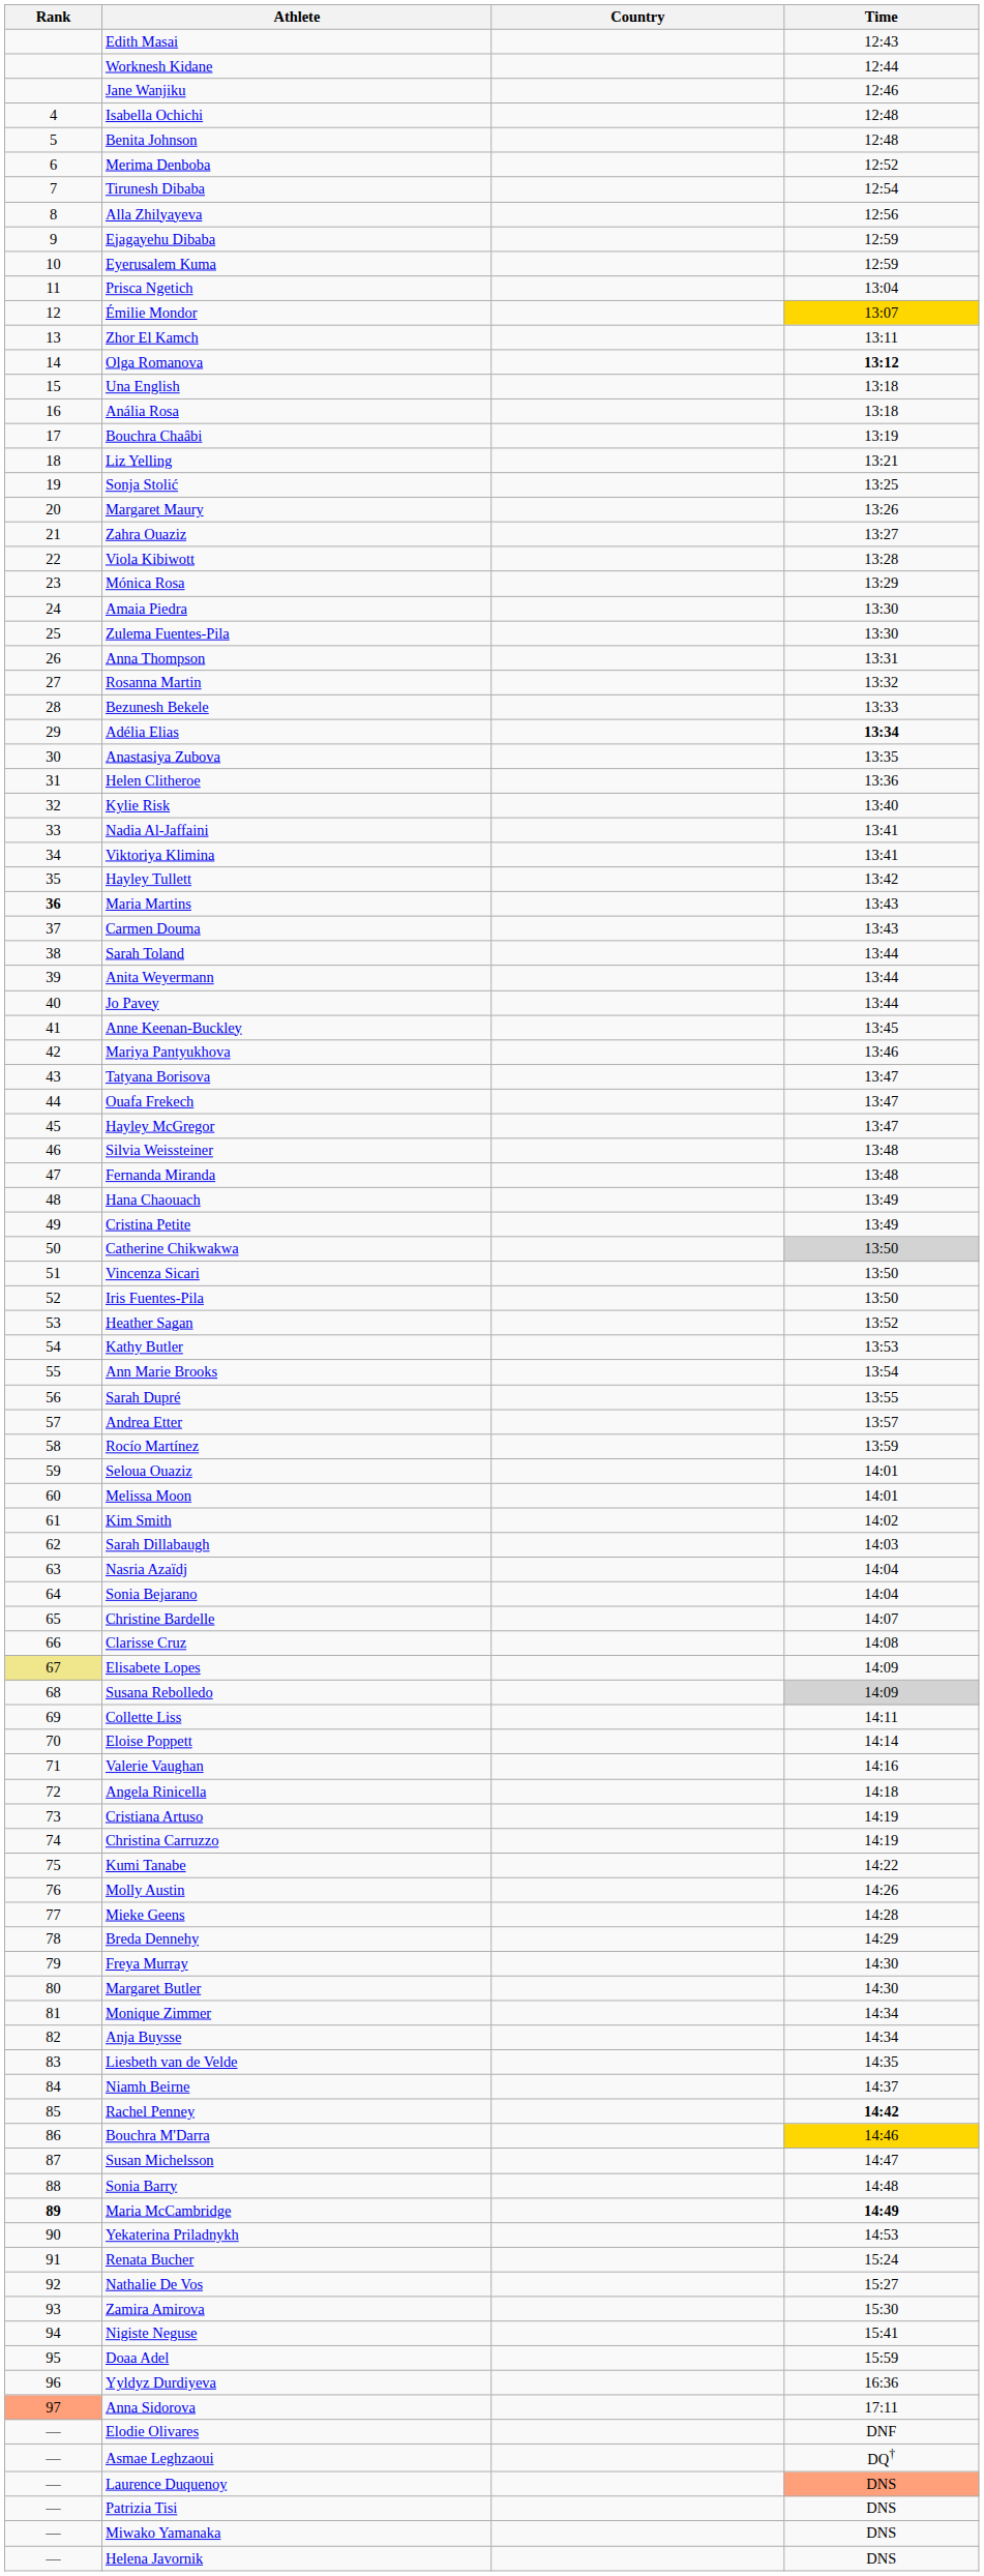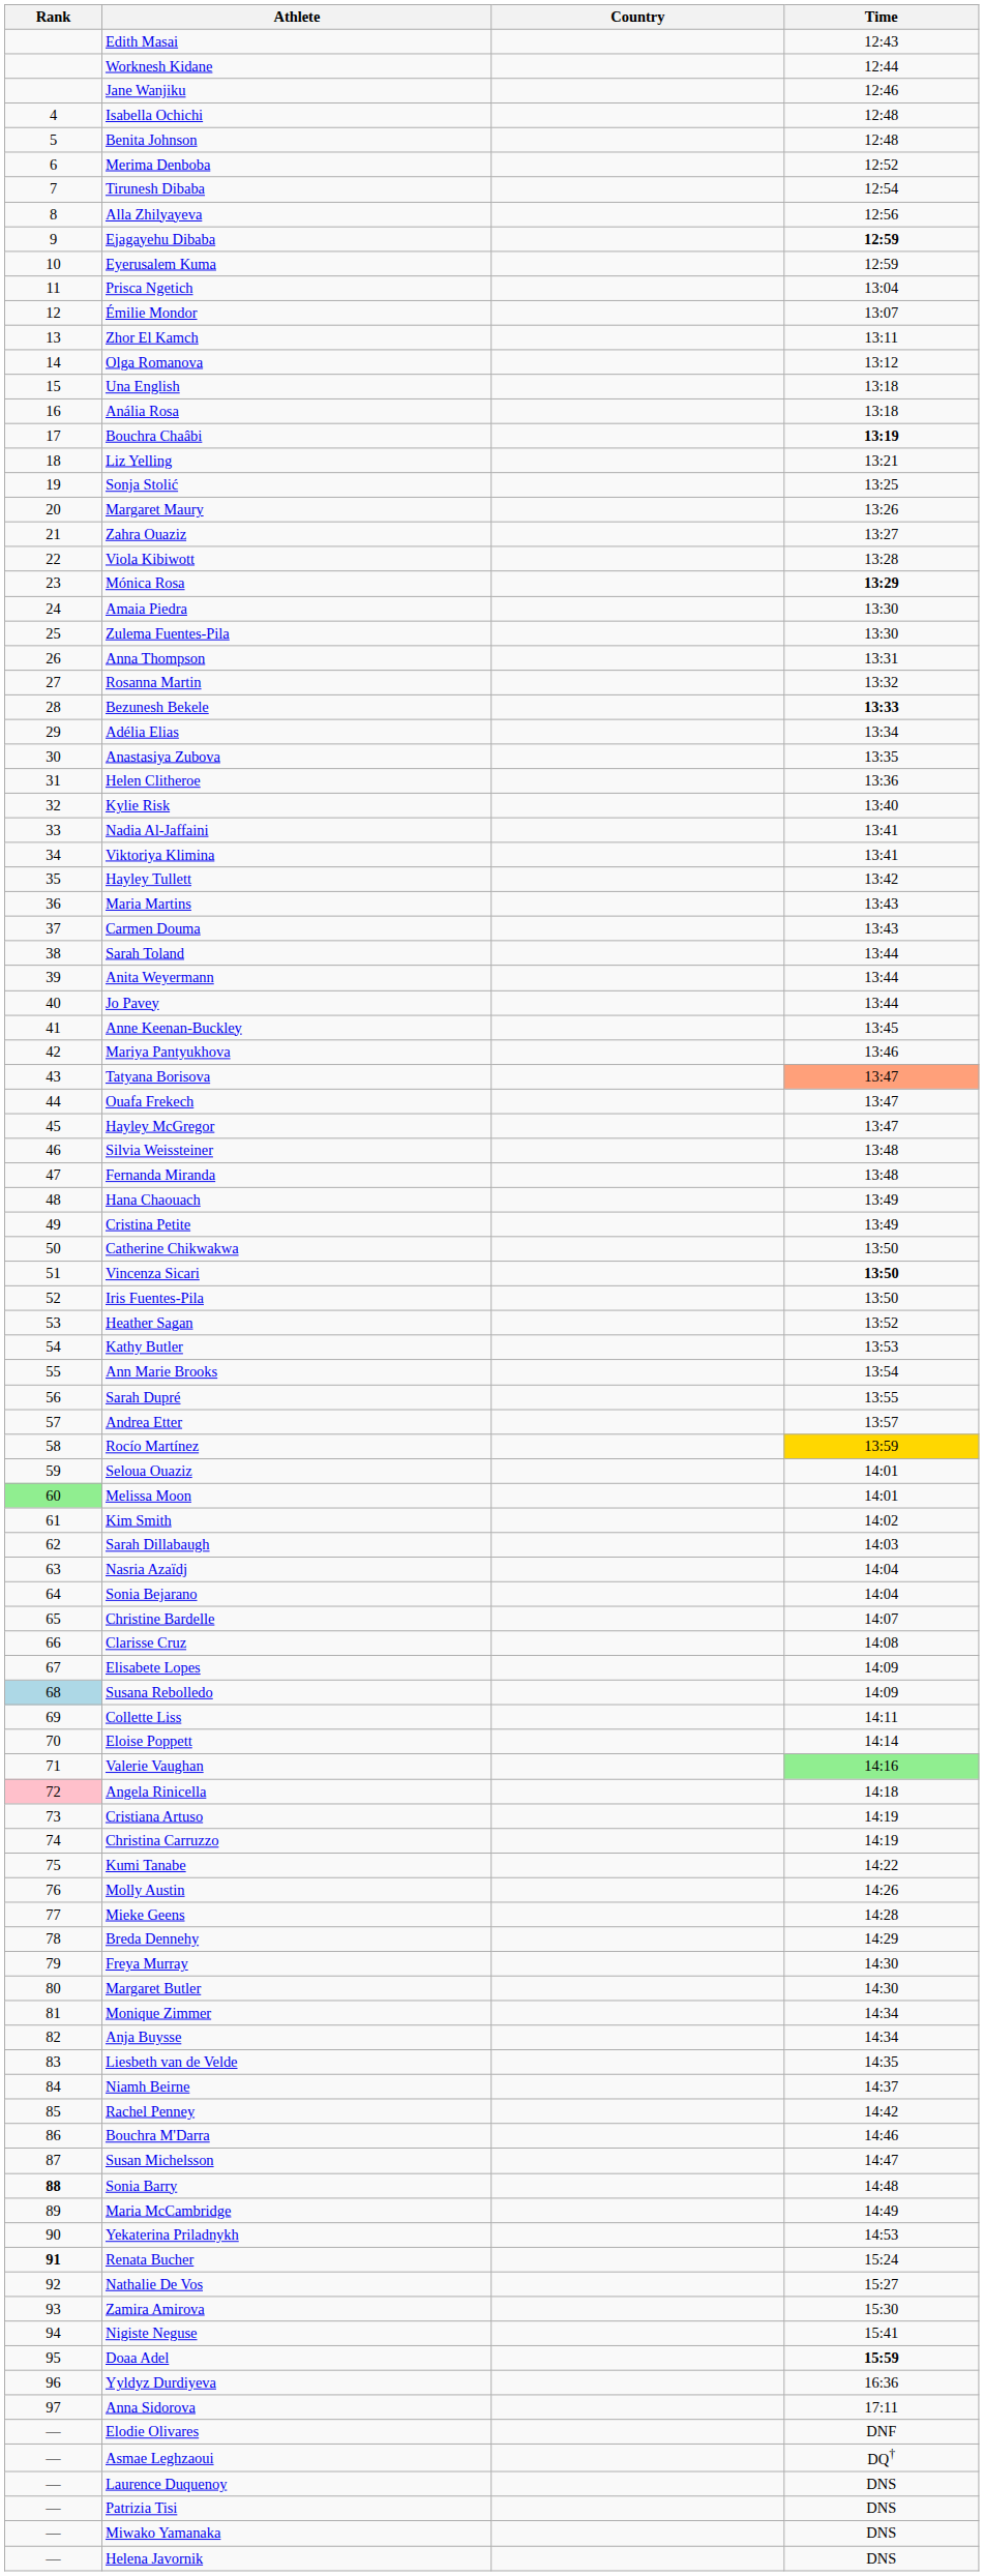 <table class="wikitable sortable" style=" text-align:center; font-size:95%;" width="50%">
 <tr>
 <th width=5%>Rank</th>
 <th width=20%>Athlete</th>
 <th width=15%>Country</th>
 <th width=10%>Time</th>
 </tr>
 <tr>
 <td align=center></td>
 <td align=left><a href='#'>Edith Masai</a></td>
 <td align=left></td>
 <td>12:43</td>
 </tr>
 <tr>
 <td align=center></td>
 <td align=left><a href='#'>Worknesh Kidane</a></td>
 <td align=left></td>
 <td>12:44</td>
 </tr>
 <tr>
 <td align=center></td>
 <td align=left><a href='#'>Jane Wanjiku</a></td>
 <td align=left></td>
 <td>12:46</td>
 </tr>
 <tr>
 <td align=center>4</td>
 <td align=left><a href='#'>Isabella Ochichi</a></td>
 <td align=left></td>
 <td>12:48</td>
 </tr>
 <tr>
 <td align=center>5</td>
 <td align=left><a href='#'>Benita Johnson</a></td>
 <td align=left></td>
 <td>12:48</td>
 </tr>
 <tr>
 <td align=center>6</td>
 <td align=left><a href='#'>Merima Denboba</a></td>
 <td align=left></td>
 <td>12:52</td>
 </tr>
 <tr>
 <td align=center>7</td>
 <td align=left><a href='#'>Tirunesh Dibaba</a></td>
 <td align=left></td>
 <td>12:54</td>
 </tr>
 <tr>
 <td align=center>8</td>
 <td align=left><a href='#'>Alla Zhilyayeva</a></td>
 <td align=left></td>
 <td>12:56</td>
 </tr>
 <tr>
 <td align=center>9</td>
 <td align=left><a href='#'>Ejagayehu Dibaba</a></td>
 <td align=left></td>
-<td>12:59</td>
+<td><strong>12:59</strong></td>
 </tr>
 <tr>
 <td align=center>10</td>
 <td align=left><a href='#'>Eyerusalem Kuma</a></td>
 <td align=left></td>
 <td>12:59</td>
 </tr>
 <tr>
 <td align=center>11</td>
 <td align=left><a href='#'>Prisca Ngetich</a></td>
 <td align=left></td>
 <td>13:04</td>
 </tr>
 <tr>
 <td align=center>12</td>
 <td align=left><a href='#'>Émilie Mondor</a></td>
 <td align=left></td>
-<td style="background: gold;">13:07</td>
+<td>13:07</td>
 </tr>
 <tr>
 <td align=center>13</td>
 <td align=left><a href='#'>Zhor El Kamch</a></td>
 <td align=left></td>
 <td>13:11</td>
 </tr>
 <tr>
 <td align=center>14</td>
 <td align=left><a href='#'>Olga Romanova</a></td>
 <td align=left></td>
-<td><strong>13:12</strong></td>
+<td>13:12</td>
 </tr>
 <tr>
 <td align=center>15</td>
 <td align=left><a href='#'>Una English</a></td>
 <td align=left></td>
 <td>13:18</td>
 </tr>
 <tr>
 <td align=center>16</td>
 <td align=left><a href='#'>Anália Rosa</a></td>
 <td align=left></td>
 <td>13:18</td>
 </tr>
 <tr>
 <td align=center>17</td>
 <td align=left><a href='#'>Bouchra Chaâbi</a></td>
 <td align=left></td>
-<td>13:19</td>
+<td><strong>13:19</strong></td>
 </tr>
 <tr>
 <td align=center>18</td>
 <td align=left><a href='#'>Liz Yelling</a></td>
 <td align=left></td>
 <td>13:21</td>
 </tr>
 <tr>
 <td align=center>19</td>
 <td align=left><a href='#'>Sonja Stolić</a></td>
 <td align=left></td>
 <td>13:25</td>
 </tr>
 <tr>
 <td align=center>20</td>
 <td align=left><a href='#'>Margaret Maury</a></td>
 <td align=left></td>
 <td>13:26</td>
 </tr>
 <tr>
 <td align=center>21</td>
 <td align=left><a href='#'>Zahra Ouaziz</a></td>
 <td align=left></td>
 <td>13:27</td>
 </tr>
 <tr>
 <td align=center>22</td>
 <td align=left><a href='#'>Viola Kibiwott</a></td>
 <td align=left></td>
 <td>13:28</td>
 </tr>
 <tr>
 <td align=center>23</td>
 <td align=left><a href='#'>Mónica Rosa</a></td>
 <td align=left></td>
-<td>13:29</td>
+<td><strong>13:29</strong></td>
 </tr>
 <tr>
 <td align=center>24</td>
 <td align=left><a href='#'>Amaia Piedra</a></td>
 <td align=left></td>
 <td>13:30</td>
 </tr>
 <tr>
 <td align=center>25</td>
 <td align=left><a href='#'>Zulema Fuentes-Pila</a></td>
 <td align=left></td>
 <td>13:30</td>
 </tr>
 <tr>
 <td align=center>26</td>
 <td align=left><a href='#'>Anna Thompson</a></td>
 <td align=left></td>
 <td>13:31</td>
 </tr>
 <tr>
 <td align=center>27</td>
 <td align=left><a href='#'>Rosanna Martin</a></td>
 <td align=left></td>
 <td>13:32</td>
 </tr>
 <tr>
 <td align=center>28</td>
 <td align=left><a href='#'>Bezunesh Bekele</a></td>
 <td align=left></td>
-<td>13:33</td>
+<td><strong>13:33</strong></td>
 </tr>
 <tr>
 <td align=center>29</td>
 <td align=left><a href='#'>Adélia Elias</a></td>
 <td align=left></td>
-<td><strong>13:34</strong></td>
+<td>13:34</td>
 </tr>
 <tr>
 <td align=center>30</td>
 <td align=left><a href='#'>Anastasiya Zubova</a></td>
 <td align=left></td>
 <td>13:35</td>
 </tr>
 <tr>
 <td align=center>31</td>
 <td align=left><a href='#'>Helen Clitheroe</a></td>
 <td align=left></td>
 <td>13:36</td>
 </tr>
 <tr>
 <td align=center>32</td>
 <td align=left><a href='#'>Kylie Risk</a></td>
 <td align=left></td>
 <td>13:40</td>
 </tr>
 <tr>
 <td align=center>33</td>
 <td align=left><a href='#'>Nadia Al-Jaffaini</a></td>
 <td align=left></td>
 <td>13:41</td>
 </tr>
 <tr>
 <td align=center>34</td>
 <td align=left><a href='#'>Viktoriya Klimina</a></td>
 <td align=left></td>
 <td>13:41</td>
 </tr>
 <tr>
 <td align=center>35</td>
 <td align=left><a href='#'>Hayley Tullett</a></td>
 <td align=left></td>
 <td>13:42</td>
 </tr>
 <tr>
-<td align=center><strong>36</strong></td>
+<td align=center>36</td>
 <td align=left><a href='#'>Maria Martins</a></td>
 <td align=left></td>
 <td>13:43</td>
 </tr>
 <tr>
 <td align=center>37</td>
 <td align=left><a href='#'>Carmen Douma</a></td>
 <td align=left></td>
 <td>13:43</td>
 </tr>
 <tr>
 <td align=center>38</td>
 <td align=left><a href='#'>Sarah Toland</a></td>
 <td align=left></td>
 <td>13:44</td>
 </tr>
 <tr>
 <td align=center>39</td>
 <td align=left><a href='#'>Anita Weyermann</a></td>
 <td align=left></td>
 <td>13:44</td>
 </tr>
 <tr>
 <td align=center>40</td>
 <td align=left><a href='#'>Jo Pavey</a></td>
 <td align=left></td>
 <td>13:44</td>
 </tr>
 <tr>
 <td align=center>41</td>
 <td align=left><a href='#'>Anne Keenan-Buckley</a></td>
 <td align=left></td>
 <td>13:45</td>
 </tr>
 <tr>
 <td align=center>42</td>
 <td align=left><a href='#'>Mariya Pantyukhova</a></td>
 <td align=left></td>
 <td>13:46</td>
 </tr>
 <tr>
 <td align=center>43</td>
 <td align=left><a href='#'>Tatyana Borisova</a></td>
 <td align=left></td>
-<td>13:47</td>
+<td style="background: lightsalmon;">13:47</td>
 </tr>
 <tr>
 <td align=center>44</td>
 <td align=left><a href='#'>Ouafa Frekech</a></td>
 <td align=left></td>
 <td>13:47</td>
 </tr>
 <tr>
 <td align=center>45</td>
 <td align=left><a href='#'>Hayley McGregor</a></td>
 <td align=left></td>
 <td>13:47</td>
 </tr>
 <tr>
 <td align=center>46</td>
 <td align=left><a href='#'>Silvia Weissteiner</a></td>
 <td align=left></td>
 <td>13:48</td>
 </tr>
 <tr>
 <td align=center>47</td>
 <td align=left><a href='#'>Fernanda Miranda</a></td>
 <td align=left></td>
 <td>13:48</td>
 </tr>
 <tr>
 <td align=center>48</td>
 <td align=left><a href='#'>Hana Chaouach</a></td>
 <td align=left></td>
 <td>13:49</td>
 </tr>
 <tr>
 <td align=center>49</td>
 <td align=left><a href='#'>Cristina Petite</a></td>
 <td align=left></td>
 <td>13:49</td>
 </tr>
 <tr>
 <td align=center>50</td>
 <td align=left><a href='#'>Catherine Chikwakwa</a></td>
 <td align=left></td>
-<td style="background: lightgrey;">13:50</td>
+<td>13:50</td>
 </tr>
 <tr>
 <td align=center>51</td>
 <td align=left><a href='#'>Vincenza Sicari</a></td>
 <td align=left></td>
-<td>13:50</td>
+<td><strong>13:50</strong></td>
 </tr>
 <tr>
 <td align=center>52</td>
 <td align=left><a href='#'>Iris Fuentes-Pila</a></td>
 <td align=left></td>
 <td>13:50</td>
 </tr>
 <tr>
 <td align=center>53</td>
 <td align=left><a href='#'>Heather Sagan</a></td>
 <td align=left></td>
 <td>13:52</td>
 </tr>
 <tr>
 <td align=center>54</td>
 <td align=left><a href='#'>Kathy Butler</a></td>
 <td align=left></td>
 <td>13:53</td>
 </tr>
 <tr>
 <td align=center>55</td>
 <td align=left><a href='#'>Ann Marie Brooks</a></td>
 <td align=left></td>
 <td>13:54</td>
 </tr>
 <tr>
 <td align=center>56</td>
 <td align=left><a href='#'>Sarah Dupré</a></td>
 <td align=left></td>
 <td>13:55</td>
 </tr>
 <tr>
 <td align=center>57</td>
 <td align=left><a href='#'>Andrea Etter</a></td>
 <td align=left></td>
 <td>13:57</td>
 </tr>
 <tr>
 <td align=center>58</td>
 <td align=left><a href='#'>Rocío Martínez</a></td>
 <td align=left></td>
-<td>13:59</td>
+<td style="background: gold;">13:59</td>
 </tr>
 <tr>
 <td align=center>59</td>
 <td align=left><a href='#'>Seloua Ouaziz</a></td>
 <td align=left></td>
 <td>14:01</td>
 </tr>
 <tr>
-<td align=center>60</td>
+<td align=center style="background: lightgreen;">60</td>
 <td align=left><a href='#'>Melissa Moon</a></td>
 <td align=left></td>
 <td>14:01</td>
 </tr>
 <tr>
 <td align=center>61</td>
 <td align=left><a href='#'>Kim Smith</a></td>
 <td align=left></td>
 <td>14:02</td>
 </tr>
 <tr>
 <td align=center>62</td>
 <td align=left><a href='#'>Sarah Dillabaugh</a></td>
 <td align=left></td>
 <td>14:03</td>
 </tr>
 <tr>
 <td align=center>63</td>
 <td align=left><a href='#'>Nasria Azaïdj</a></td>
 <td align=left></td>
 <td>14:04</td>
 </tr>
 <tr>
 <td align=center>64</td>
 <td align=left><a href='#'>Sonia Bejarano</a></td>
 <td align=left></td>
 <td>14:04</td>
 </tr>
 <tr>
 <td align=center>65</td>
 <td align=left><a href='#'>Christine Bardelle</a></td>
 <td align=left></td>
 <td>14:07</td>
 </tr>
 <tr>
 <td align=center>66</td>
 <td align=left><a href='#'>Clarisse Cruz</a></td>
 <td align=left></td>
 <td>14:08</td>
 </tr>
 <tr>
-<td align=center style="background: khaki;">67</td>
+<td align=center>67</td>
 <td align=left><a href='#'>Elisabete Lopes</a></td>
 <td align=left></td>
 <td>14:09</td>
 </tr>
 <tr>
-<td align=center>68</td>
+<td align=center style="background: lightblue;">68</td>
 <td align=left><a href='#'>Susana Rebolledo</a></td>
 <td align=left></td>
-<td style="background: lightgrey;">14:09</td>
+<td>14:09</td>
 </tr>
 <tr>
 <td align=center>69</td>
 <td align=left><a href='#'>Collette Liss</a></td>
 <td align=left></td>
 <td>14:11</td>
 </tr>
 <tr>
 <td align=center>70</td>
 <td align=left><a href='#'>Eloise Poppett</a></td>
 <td align=left></td>
 <td>14:14</td>
 </tr>
 <tr>
 <td align=center>71</td>
 <td align=left><a href='#'>Valerie Vaughan</a></td>
 <td align=left></td>
-<td>14:16</td>
+<td style="background: lightgreen;">14:16</td>
 </tr>
 <tr>
-<td align=center>72</td>
+<td align=center style="background: pink;">72</td>
 <td align=left><a href='#'>Angela Rinicella</a></td>
 <td align=left></td>
 <td>14:18</td>
 </tr>
 <tr>
 <td align=center>73</td>
 <td align=left><a href='#'>Cristiana Artuso</a></td>
 <td align=left></td>
 <td>14:19</td>
 </tr>
 <tr>
 <td align=center>74</td>
 <td align=left><a href='#'>Christina Carruzzo</a></td>
 <td align=left></td>
 <td>14:19</td>
 </tr>
 <tr>
 <td align=center>75</td>
 <td align=left><a href='#'>Kumi Tanabe</a></td>
 <td align=left></td>
 <td>14:22</td>
 </tr>
 <tr>
 <td align=center>76</td>
 <td align=left><a href='#'>Molly Austin</a></td>
 <td align=left></td>
 <td>14:26</td>
 </tr>
 <tr>
 <td align=center>77</td>
 <td align=left><a href='#'>Mieke Geens</a></td>
 <td align=left></td>
 <td>14:28</td>
 </tr>
 <tr>
 <td align=center>78</td>
 <td align=left><a href='#'>Breda Dennehy</a></td>
 <td align=left></td>
 <td>14:29</td>
 </tr>
 <tr>
 <td align=center>79</td>
 <td align=left><a href='#'>Freya Murray</a></td>
 <td align=left></td>
 <td>14:30</td>
 </tr>
 <tr>
 <td align=center>80</td>
 <td align=left><a href='#'>Margaret Butler</a></td>
 <td align=left></td>
 <td>14:30</td>
 </tr>
 <tr>
 <td align=center>81</td>
 <td align=left><a href='#'>Monique Zimmer</a></td>
 <td align=left></td>
 <td>14:34</td>
 </tr>
 <tr>
 <td align=center>82</td>
 <td align=left><a href='#'>Anja Buysse</a></td>
 <td align=left></td>
 <td>14:34</td>
 </tr>
 <tr>
 <td align=center>83</td>
 <td align=left><a href='#'>Liesbeth van de Velde</a></td>
 <td align=left></td>
 <td>14:35</td>
 </tr>
 <tr>
 <td align=center>84</td>
 <td align=left><a href='#'>Niamh Beirne</a></td>
 <td align=left></td>
 <td>14:37</td>
 </tr>
 <tr>
 <td align=center>85</td>
 <td align=left><a href='#'>Rachel Penney</a></td>
 <td align=left></td>
-<td><strong>14:42</strong></td>
+<td>14:42</td>
 </tr>
 <tr>
 <td align=center>86</td>
 <td align=left><a href='#'>Bouchra M'Darra</a></td>
 <td align=left></td>
-<td style="background: gold;">14:46</td>
+<td>14:46</td>
 </tr>
 <tr>
 <td align=center>87</td>
 <td align=left><a href='#'>Susan Michelsson</a></td>
 <td align=left></td>
 <td>14:47</td>
 </tr>
 <tr>
-<td align=center>88</td>
+<td align=center><strong>88</strong></td>
 <td align=left><a href='#'>Sonia Barry</a></td>
 <td align=left></td>
 <td>14:48</td>
 </tr>
 <tr>
-<td align=center><strong>89</strong></td>
+<td align=center>89</td>
 <td align=left><a href='#'>Maria McCambridge</a></td>
 <td align=left></td>
-<td><strong>14:49</strong></td>
+<td>14:49</td>
 </tr>
 <tr>
 <td align=center>90</td>
 <td align=left><a href='#'>Yekaterina Priladnykh</a></td>
 <td align=left></td>
 <td>14:53</td>
 </tr>
 <tr>
-<td align=center>91</td>
+<td align=center><strong>91</strong></td>
 <td align=left><a href='#'>Renata Bucher</a></td>
 <td align=left></td>
 <td>15:24</td>
 </tr>
 <tr>
 <td align=center>92</td>
 <td align=left><a href='#'>Nathalie De Vos</a></td>
 <td align=left></td>
 <td>15:27</td>
 </tr>
 <tr>
 <td align=center>93</td>
 <td align=left><a href='#'>Zamira Amirova</a></td>
 <td align=left></td>
 <td>15:30</td>
 </tr>
 <tr>
 <td align=center>94</td>
 <td align=left><a href='#'>Nigiste Neguse</a></td>
 <td align=left></td>
 <td>15:41</td>
 </tr>
 <tr>
 <td align=center>95</td>
 <td align=left><a href='#'>Doaa Adel</a></td>
 <td align=left></td>
-<td>15:59</td>
+<td><strong>15:59</strong></td>
 </tr>
 <tr>
 <td align=center>96</td>
 <td align=left><a href='#'>Yyldyz Durdiyeva</a></td>
 <td align=left></td>
 <td>16:36</td>
 </tr>
 <tr>
-<td align=center style="background: lightsalmon;">97</td>
+<td align=center>97</td>
 <td align=left><a href='#'>Anna Sidorova</a></td>
 <td align=left></td>
 <td>17:11</td>
 </tr>
 <tr>
 <td align=center>—</td>
 <td align=left><a href='#'>Elodie Olivares</a></td>
 <td align=left></td>
 <td>DNF</td>
 </tr>
 <tr>
 <td align=center>—</td>
 <td align=left><a href='#'>Asmae Leghzaoui</a></td>
 <td align=left></td>
 <td>DQ<sup>†</sup></td>
 </tr>
 <tr>
 <td align=center>—</td>
 <td align=left><a href='#'>Laurence Duquenoy</a></td>
 <td align=left></td>
-<td style="background: lightsalmon;">DNS</td>
+<td>DNS</td>
 </tr>
 <tr>
 <td align=center>—</td>
 <td align=left><a href='#'>Patrizia Tisi</a></td>
 <td align=left></td>
 <td>DNS</td>
 </tr>
 <tr>
 <td align=center>—</td>
 <td align=left><a href='#'>Miwako Yamanaka</a></td>
 <td align=left></td>
 <td>DNS</td>
 </tr>
 <tr>
 <td align=center>—</td>
 <td align=left><a href='#'>Helena Javornik</a></td>
 <td align=left></td>
 <td>DNS</td>
 </tr>
 </table>
